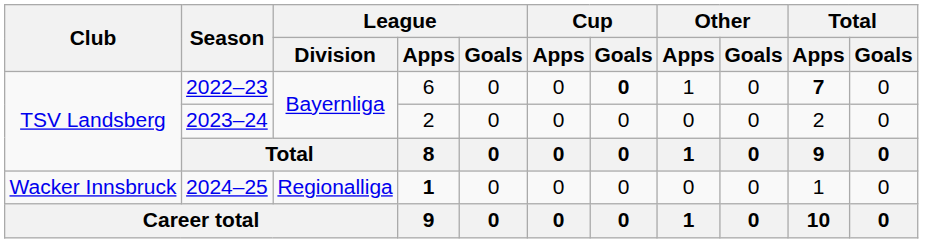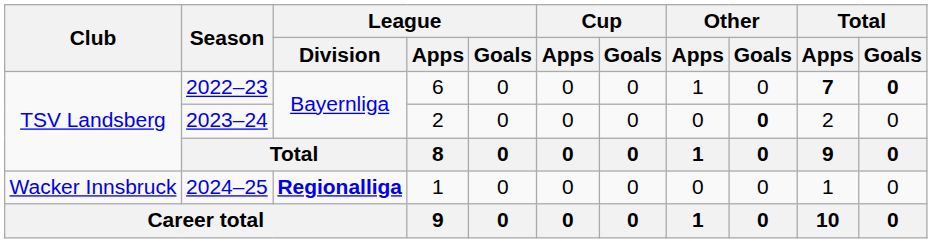 <table class=wikitable style=text-align:center>
 <tr>
 <th rowspan="2">Club</th>
 <th rowspan="2">Season</th>
 <th colspan="3">League</th>
 <th colspan="2">Cup</th>
 <th colspan="2">Other</th>
 <th colspan="2">Total</th>
 </tr>
 <tr>
 <th>Division</th>
 <th>Apps</th>
 <th>Goals</th>
 <th>Apps</th>
 <th>Goals</th>
 <th>Apps</th>
 <th>Goals</th>
 <th>Apps</th>
 <th>Goals</th>
 </tr>
 <tr>
 <td rowspan="3"><a href='#'>TSV Landsberg</a></td>
 <td><a href='#'>2022–23</a></td>
 <td rowspan="2"><a href='#'>Bayernliga</a></td>
 <td>6</td>
 <td>0</td>
 <td>0</td>
-<td><strong>0</strong></td>
+<td>0</td>
 <td>1</td>
 <td>0</td>
 <td><strong>7</strong></td>
-<td>0</td>
+<td><strong>0</strong></td>
 </tr>
 <tr>
 <td><a href='#'>2023–24</a></td>
 <td>2</td>
 <td>0</td>
 <td>0</td>
 <td>0</td>
 <td>0</td>
-<td>0</td>
+<td><strong>0</strong></td>
 <td>2</td>
 <td>0</td>
 </tr>
 <tr>
 <th colspan="2">Total</th>
 <th>8</th>
 <th>0</th>
 <th>0</th>
 <th>0</th>
 <th>1</th>
 <th>0</th>
 <th>9</th>
 <th>0</th>
 </tr>
 <tr>
 <td><a href='#'>Wacker Innsbruck</a></td>
 <td><a href='#'>2024–25</a></td>
-<td><a href='#'>Regionalliga</a></td>
-<td><strong>1</strong></td>
+<td><strong><a href='#'>Regionalliga</a></strong></td>
+<td>1</td>
 <td>0</td>
 <td>0</td>
 <td>0</td>
 <td>0</td>
 <td>0</td>
 <td>1</td>
 <td>0</td>
 </tr>
 <tr>
 <th colspan="3">Career total</th>
 <th>9</th>
 <th>0</th>
 <th>0</th>
 <th>0</th>
 <th>1</th>
 <th>0</th>
 <th>10</th>
 <th>0</th>
 </tr>
 </table>
